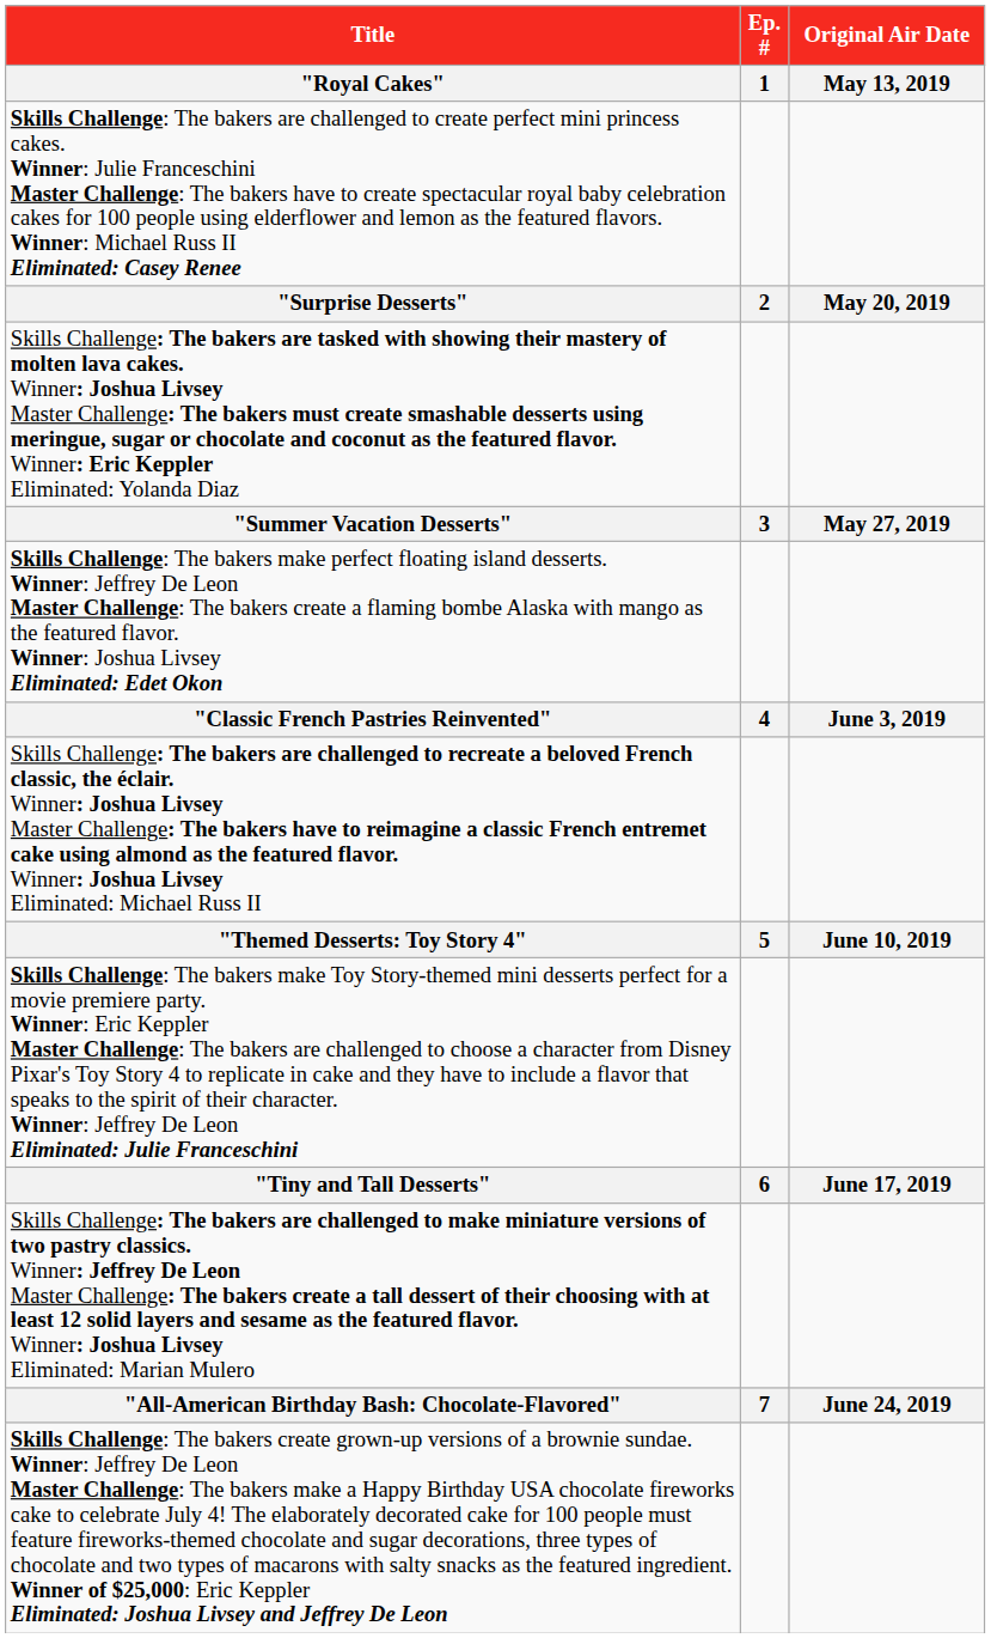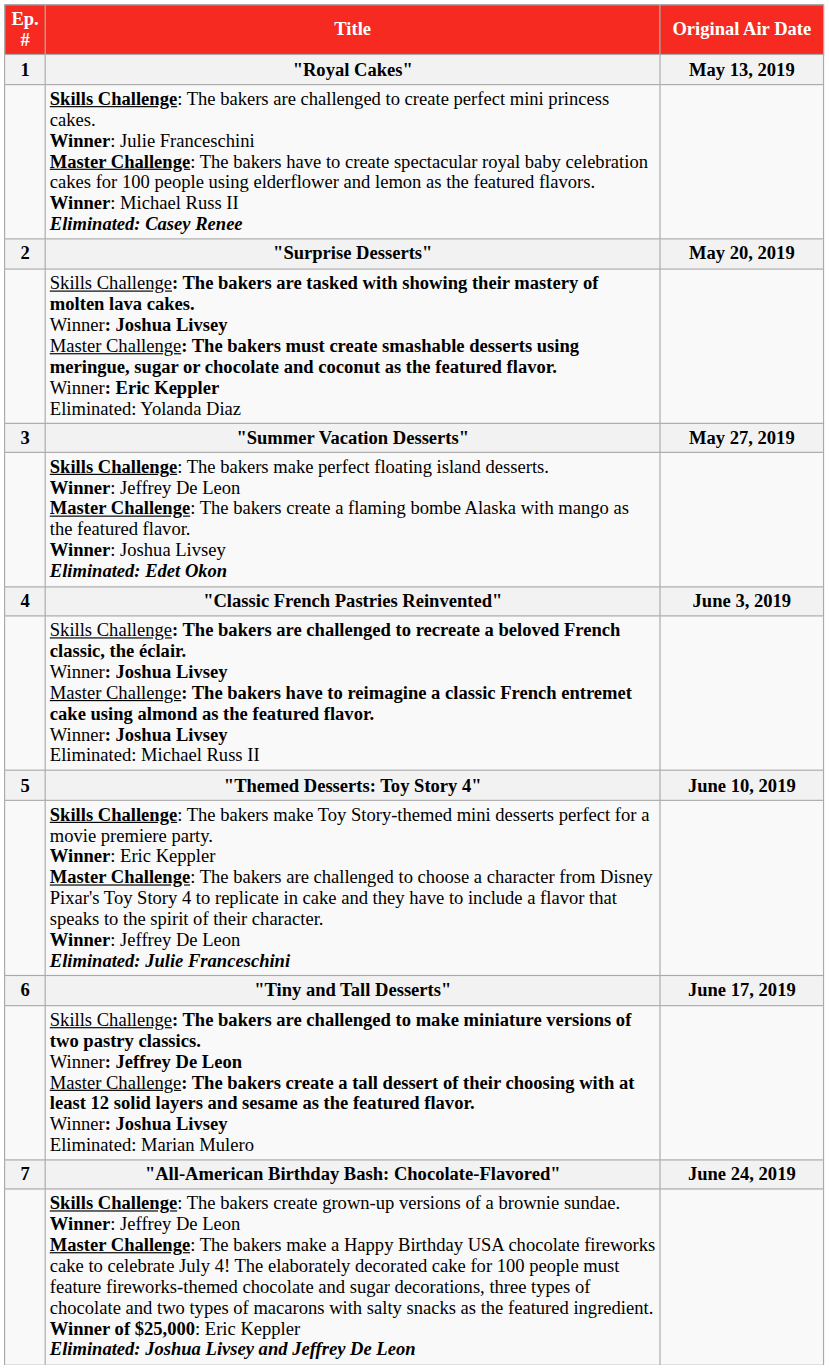 <table class="wikitable plainrowheaders" style="width:80%;">
 <tr>
+<th style="background-color: #f62a20; color: #FFFFFF;" width=5%>Ep. #</th>
 <th style="background-color: #f62a20; color: #FFFFFF;">Title</th>
-<th style="background-color: #f62a20; color: #FFFFFF;" width=5%>Ep. #</th>
 <th style="background-color: #f62a20; color: #FFFFFF;" width=20%>Original Air Date</th>
 </tr>
 <tr>
+<th align="center">1</th>
 <th>"Royal Cakes"</th>
-<th align="center">1</th>
 <th>May 13, 2019</th>
 </tr>
 <tr>
+<td></td>
 <td><strong><u>Skills Challenge</u></strong>: The bakers are challenged to create perfect mini princess cakes.<br><strong>Winner</strong>: Julie Franceschini<br><strong><u>Master Challenge</u></strong>: The bakers have to create spectacular royal baby celebration cakes for 100 people using elderflower and lemon as the featured flavors.<br><strong>Winner</strong>: Michael Russ II<br><strong><em>Eliminated<strong>: Casey Renee<em></td>
-<td></td>
 <td></td>
 </tr>
 <tr>
+<th align="center">2</th>
 <th>"Surprise Desserts"</th>
-<th align="center">2</th>
 <th>May 20, 2019</th>
 </tr>
 <tr>
+<td></td>
 <td></strong><u>Skills Challenge</u><strong>: The bakers are tasked with showing their mastery of molten lava cakes.<br></strong>Winner<strong>: Joshua Livsey<br></strong><u>Master Challenge</u><strong>: The bakers must create smashable desserts using meringue, sugar or chocolate and coconut as the featured flavor.<br></strong>Winner<strong>: Eric Keppler<br></em></strong>Eliminated</strong>: Yolanda Diaz</em></td>
-<td></td>
 <td></td>
 </tr>
 <tr>
+<th align="center">3</th>
 <th>"Summer Vacation Desserts"</th>
-<th align="center">3</th>
 <th>May 27, 2019</th>
 </tr>
 <tr>
+<td></td>
 <td><strong><u>Skills Challenge</u></strong>: The bakers make perfect floating island desserts.<br><strong>Winner</strong>: Jeffrey De Leon<br><strong><u>Master Challenge</u></strong>: The bakers create a flaming bombe Alaska with mango as the featured flavor.<br><strong>Winner</strong>: Joshua Livsey<br><strong><em>Eliminated<strong>: Edet Okon<em></td>
-<td></td>
 <td></td>
 </tr>
 <tr>
+<th align="center">4</th>
 <th>"Classic French Pastries Reinvented"</th>
-<th align="center">4</th>
 <th>June 3, 2019</th>
 </tr>
 <tr>
+<td></td>
 <td></strong><u>Skills Challenge</u><strong>: The bakers are challenged to recreate a beloved French classic, the éclair.<br></strong>Winner<strong>: Joshua Livsey<br></strong><u>Master Challenge</u><strong>: The bakers have to reimagine a classic French entremet cake using almond as the featured flavor.<br></strong>Winner<strong>: Joshua Livsey<br></em></strong>Eliminated</strong>: Michael Russ II</em></td>
-<td></td>
 <td></td>
 </tr>
 <tr>
+<th align="center">5</th>
 <th>"Themed Desserts: Toy Story 4"</th>
-<th align="center">5</th>
 <th>June 10, 2019</th>
 </tr>
 <tr>
+<td></td>
 <td><strong><u>Skills Challenge</u></strong>: The bakers make Toy Story-themed mini desserts perfect for a movie premiere party.<br><strong>Winner</strong>: Eric Keppler<br><strong><u>Master Challenge</u></strong>: The bakers are challenged to choose a character from Disney Pixar's Toy Story 4 to replicate in cake and they have to include a flavor that speaks to the spirit of their character.<br><strong>Winner</strong>: Jeffrey De Leon<br><strong><em>Eliminated<strong>: Julie Franceschini<em></td>
-<td></td>
 <td></td>
 </tr>
 <tr>
+<th align="center">6</th>
 <th>"Tiny and Tall Desserts"</th>
-<th align="center">6</th>
 <th>June 17, 2019</th>
 </tr>
 <tr>
+<td></td>
 <td></strong><u>Skills Challenge</u><strong>: The bakers are challenged to make miniature versions of two pastry classics.<br></strong>Winner<strong>: Jeffrey De Leon<br></strong><u>Master Challenge</u><strong>: The bakers create a tall dessert of their choosing with at least 12 solid layers and sesame as the featured flavor.<br></strong>Winner<strong>: Joshua Livsey<br></em></strong>Eliminated</strong>: Marian Mulero</em></td>
-<td></td>
 <td></td>
 </tr>
 <tr>
+<th align="center">7</th>
 <th>"All-American Birthday Bash: Chocolate-Flavored"</th>
-<th align="center">7</th>
 <th>June 24, 2019</th>
 </tr>
 <tr>
+<td></td>
 <td><strong><u>Skills Challenge</u></strong>: The bakers create grown-up versions of a brownie sundae.<br><strong>Winner</strong>: Jeffrey De Leon<br><strong><u>Master Challenge</u></strong>: The bakers make a Happy Birthday USA chocolate fireworks cake to celebrate July 4! The elaborately decorated cake for 100 people must feature fireworks-themed chocolate and sugar decorations, three types of chocolate and two types of macarons with salty snacks as the featured ingredient.<br><strong>Winner of $25,000</strong>: Eric Keppler<br><strong><em>Eliminated<strong>: Joshua Livsey<em> and </em>Jeffrey De Leon<em></td>
-<td></td>
 <td></td>
 </tr>
 </table>
